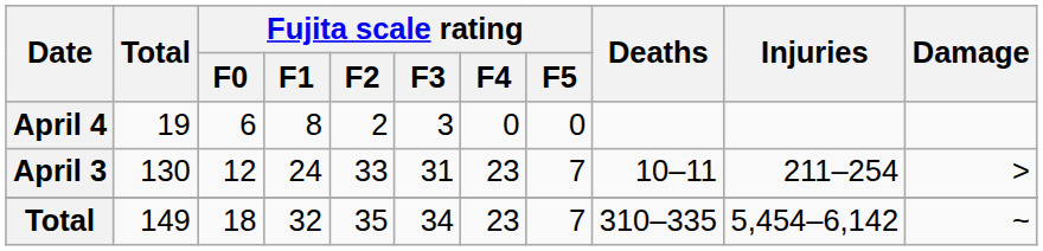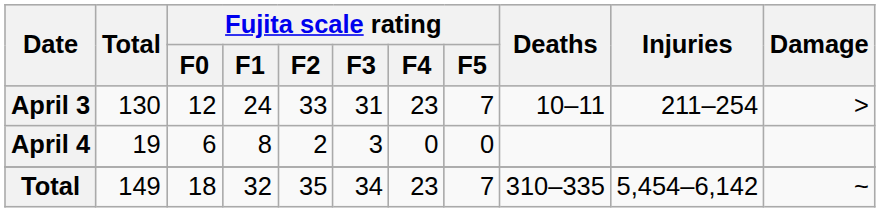 <table class="wikitable sortable" style="margin: 1em auto 1em auto;">
 <tr>
 <th scope="col" rowspan="2">Date</th>
 <th scope="col" rowspan="2" align="center">Total</th>
 <th scope="col" colspan="6" align="center"><a href='#'>Fujita scale</a> rating</th>
 <th scope="col" rowspan="2" align="center">Deaths</th>
 <th scope="col" rowspan="2" align="center">Injuries</th>
 <th scope="col" rowspan="2" align="center">Damage</th>
 </tr>
 <tr>
 <th scope="col" align="center"> F0 </th>
 <th scope="col" align="center"> F1 </th>
 <th scope="col" align="center"> F2 </th>
 <th scope="col" align="center"> F3 </th>
 <th scope="col" align="center"> F4 </th>
 <th scope="col" align="center"> F5 </th>
 </tr>
 <tr>
+<th scope="row">April 3</th>
+<td align="right">130</td>
+<td align="right">12</td>
+<td align="right">24</td>
+<td align="right">33</td>
+<td align="right">31</td>
+<td align="right">23</td>
+<td align="right">7</td>
+<td align="right">10–11</td>
+<td align="right">211–254</td>
+<td align="right">></td>
+</tr>
+<tr>
 <th scope="row">April 4</th>
 <td align="right">19</td>
 <td align="right">6</td>
 <td align="right">8</td>
 <td align="right">2</td>
 <td align="right">3</td>
 <td align="right">0</td>
 <td align="right">0</td>
 <td align="right"></td>
 <td align="right"></td>
 <td></td>
-</tr>
-<tr>
-<th scope="row">April 3</th>
-<td align="right">130</td>
-<td align="right">12</td>
-<td align="right">24</td>
-<td align="right">33</td>
-<td align="right">31</td>
-<td align="right">23</td>
-<td align="right">7</td>
-<td align="right">10–11</td>
-<td align="right">211–254</td>
-<td align="right">></td>
 </tr>
 <tr>
 </tr>
 <tr class="sortbottom">
 <th scope="row">Total</th>
 <td align="right">149</td>
 <td align="right">18</td>
 <td align="right">32</td>
 <td align="right">35</td>
 <td align="right">34</td>
 <td align="right">23</td>
 <td align="right">7</td>
 <td align="right">310–335</td>
 <td align="right">5,454–6,142</td>
 <td align="right">~</td>
 </tr>
 </table>
